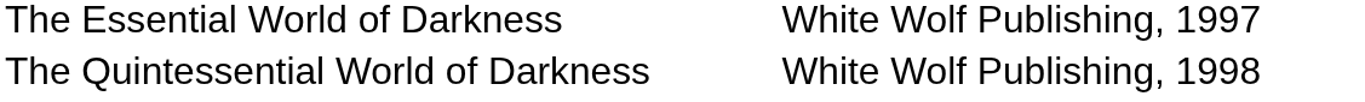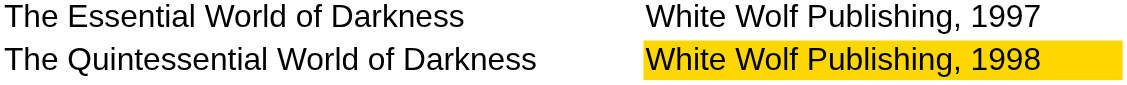 <table style="width:80em;">
 <tr>
 <td style="width:20em;">The Essential World of Darkness</td>
 <td style="width:15em;">White Wolf Publishing, 1997</td>
 <td></td>
 </tr>
 <tr>
 <td>The Quintessential World of Darkness</td>
-<td>White Wolf Publishing, 1998</td>
+<td style="background: gold;">White Wolf Publishing, 1998</td>
 <td></td>
 </tr>
 </table>
